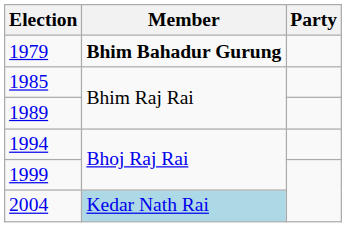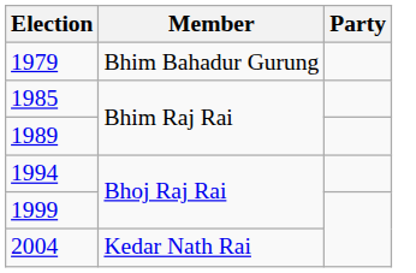 <table class="wikitable sortable">
 <tr>
 <th>Election</th>
 <th>Member</th>
 <th colspan=2>Party</th>
 </tr>
 <tr>
 <td><a href='#'>1979</a></td>
-<td><strong>Bhim Bahadur Gurung</strong></td>
+<td>Bhim Bahadur Gurung</td>
 <td></td>
 </tr>
 <tr>
 <td><a href='#'>1985</a></td>
 <td rowspan=2>Bhim Raj Rai</td>
 <td></td>
 </tr>
 <tr>
 <td><a href='#'>1989</a></td>
 </tr>
 <tr>
 <td><a href='#'>1994</a></td>
 <td rowspan=2><a href='#'>Bhoj Raj Rai</a></td>
 <td></td>
 </tr>
 <tr>
 <td><a href='#'>1999</a></td>
 </tr>
 <tr>
 <td><a href='#'>2004</a></td>
-<td style="background: lightblue;"><a href='#'>Kedar Nath Rai</a></td>
+<td><a href='#'>Kedar Nath Rai</a></td>
 </tr>
 </table>
